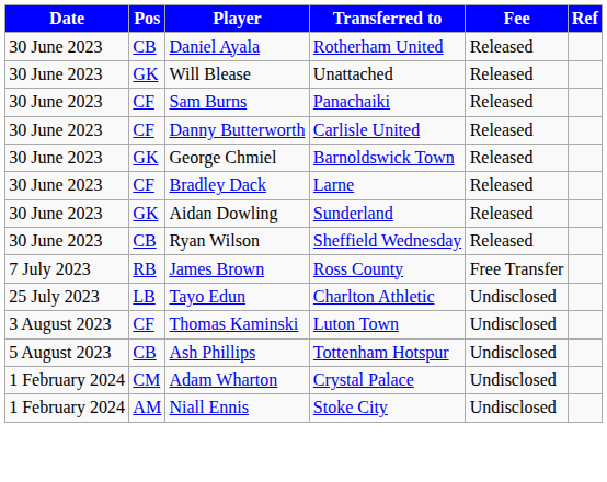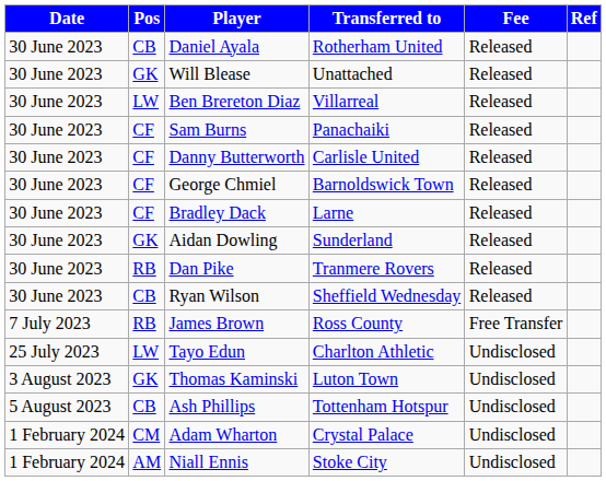 <table class="wikitable plainrowheaders sortable">
 <tr>
 <th style="background:#0000FF; color:#ffffff; ">Date</th>
 <th style="background:#0000FF; color:#ffffff; ">Pos</th>
 <th style="background:#0000FF; color:#ffffff; ">Player</th>
 <th style="background:#0000FF; color:#ffffff; ">Transferred to</th>
 <th style="background:#0000FF; color:#ffffff; ">Fee</th>
 <th style="background:#0000FF; color:#ffffff; ">Ref</th>
 </tr>
 <tr>
 <td>30 June 2023</td>
 <td><a href='#'>CB</a></td>
 <td> <a href='#'>Daniel Ayala</a></td>
 <td> <a href='#'>Rotherham United</a></td>
 <td>Released</td>
 <td></td>
 </tr>
 <tr>
 <td>30 June 2023</td>
 <td><a href='#'>GK</a></td>
 <td> Will Blease</td>
 <td> Unattached</td>
 <td>Released</td>
 <td></td>
 </tr>
 <tr>
 <td>30 June 2023</td>
+<td><a href='#'>LW</a></td>
+<td> <a href='#'>Ben Brereton Diaz</a></td>
+<td> <a href='#'>Villarreal</a></td>
+<td>Released</td>
+<td></td>
+</tr>
+<tr>
+<td>30 June 2023</td>
 <td><a href='#'>CF</a></td>
 <td> <a href='#'>Sam Burns</a></td>
 <td> <a href='#'>Panachaiki</a></td>
 <td>Released</td>
 <td></td>
 </tr>
 <tr>
 <td>30 June 2023</td>
 <td><a href='#'>CF</a></td>
 <td> <a href='#'>Danny Butterworth</a></td>
 <td> <a href='#'>Carlisle United</a></td>
 <td>Released</td>
 <td></td>
 </tr>
 <tr>
 <td>30 June 2023</td>
-<td><a href='#'>GK</a></td>
+<td><a href='#'>CF</a></td>
 <td> George Chmiel</td>
 <td> <a href='#'>Barnoldswick Town</a></td>
 <td>Released</td>
 <td></td>
 </tr>
 <tr>
 <td>30 June 2023</td>
 <td><a href='#'>CF</a></td>
 <td> <a href='#'>Bradley Dack</a></td>
 <td> <a href='#'>Larne</a></td>
 <td>Released</td>
 <td></td>
 </tr>
 <tr>
 <td>30 June 2023</td>
 <td><a href='#'>GK</a></td>
 <td> Aidan Dowling</td>
 <td> <a href='#'>Sunderland</a></td>
 <td>Released</td>
 <td></td>
 </tr>
 <tr>
 <td>30 June 2023</td>
+<td><a href='#'>RB</a></td>
+<td> <a href='#'>Dan Pike</a></td>
+<td> <a href='#'>Tranmere Rovers</a></td>
+<td>Released</td>
+<td></td>
+</tr>
+<tr>
+<td>30 June 2023</td>
 <td><a href='#'>CB</a></td>
 <td> Ryan Wilson</td>
 <td> <a href='#'>Sheffield Wednesday</a></td>
 <td>Released</td>
 <td></td>
 </tr>
 <tr>
 <td>7 July 2023</td>
 <td><a href='#'>RB</a></td>
 <td> <a href='#'>James Brown</a></td>
 <td> <a href='#'>Ross County</a></td>
 <td>Free Transfer</td>
 <td></td>
 </tr>
 <tr>
 <td>25 July 2023</td>
-<td><a href='#'>LB</a></td>
+<td><a href='#'>LW</a></td>
 <td> <a href='#'>Tayo Edun</a></td>
 <td> <a href='#'>Charlton Athletic</a></td>
 <td>Undisclosed</td>
 <td></td>
 </tr>
 <tr>
 <td>3 August 2023</td>
-<td><a href='#'>CF</a></td>
+<td><a href='#'>GK</a></td>
 <td> <a href='#'>Thomas Kaminski</a></td>
 <td> <a href='#'>Luton Town</a></td>
 <td>Undisclosed</td>
 <td></td>
 </tr>
 <tr>
 <td>5 August 2023</td>
 <td><a href='#'>CB</a></td>
 <td> <a href='#'>Ash Phillips</a></td>
 <td> <a href='#'>Tottenham Hotspur</a></td>
 <td>Undisclosed</td>
 <td></td>
 </tr>
 <tr>
 <td>1 February 2024</td>
 <td><a href='#'>CM</a></td>
 <td> <a href='#'>Adam Wharton</a></td>
 <td> <a href='#'>Crystal Palace</a></td>
 <td>Undisclosed</td>
 <td></td>
 </tr>
 <tr>
 <td>1 February 2024</td>
 <td><a href='#'>AM</a></td>
 <td> <a href='#'>Niall Ennis</a></td>
 <td> <a href='#'>Stoke City</a></td>
 <td>Undisclosed</td>
 <td></td>
 </tr>
 </table>
